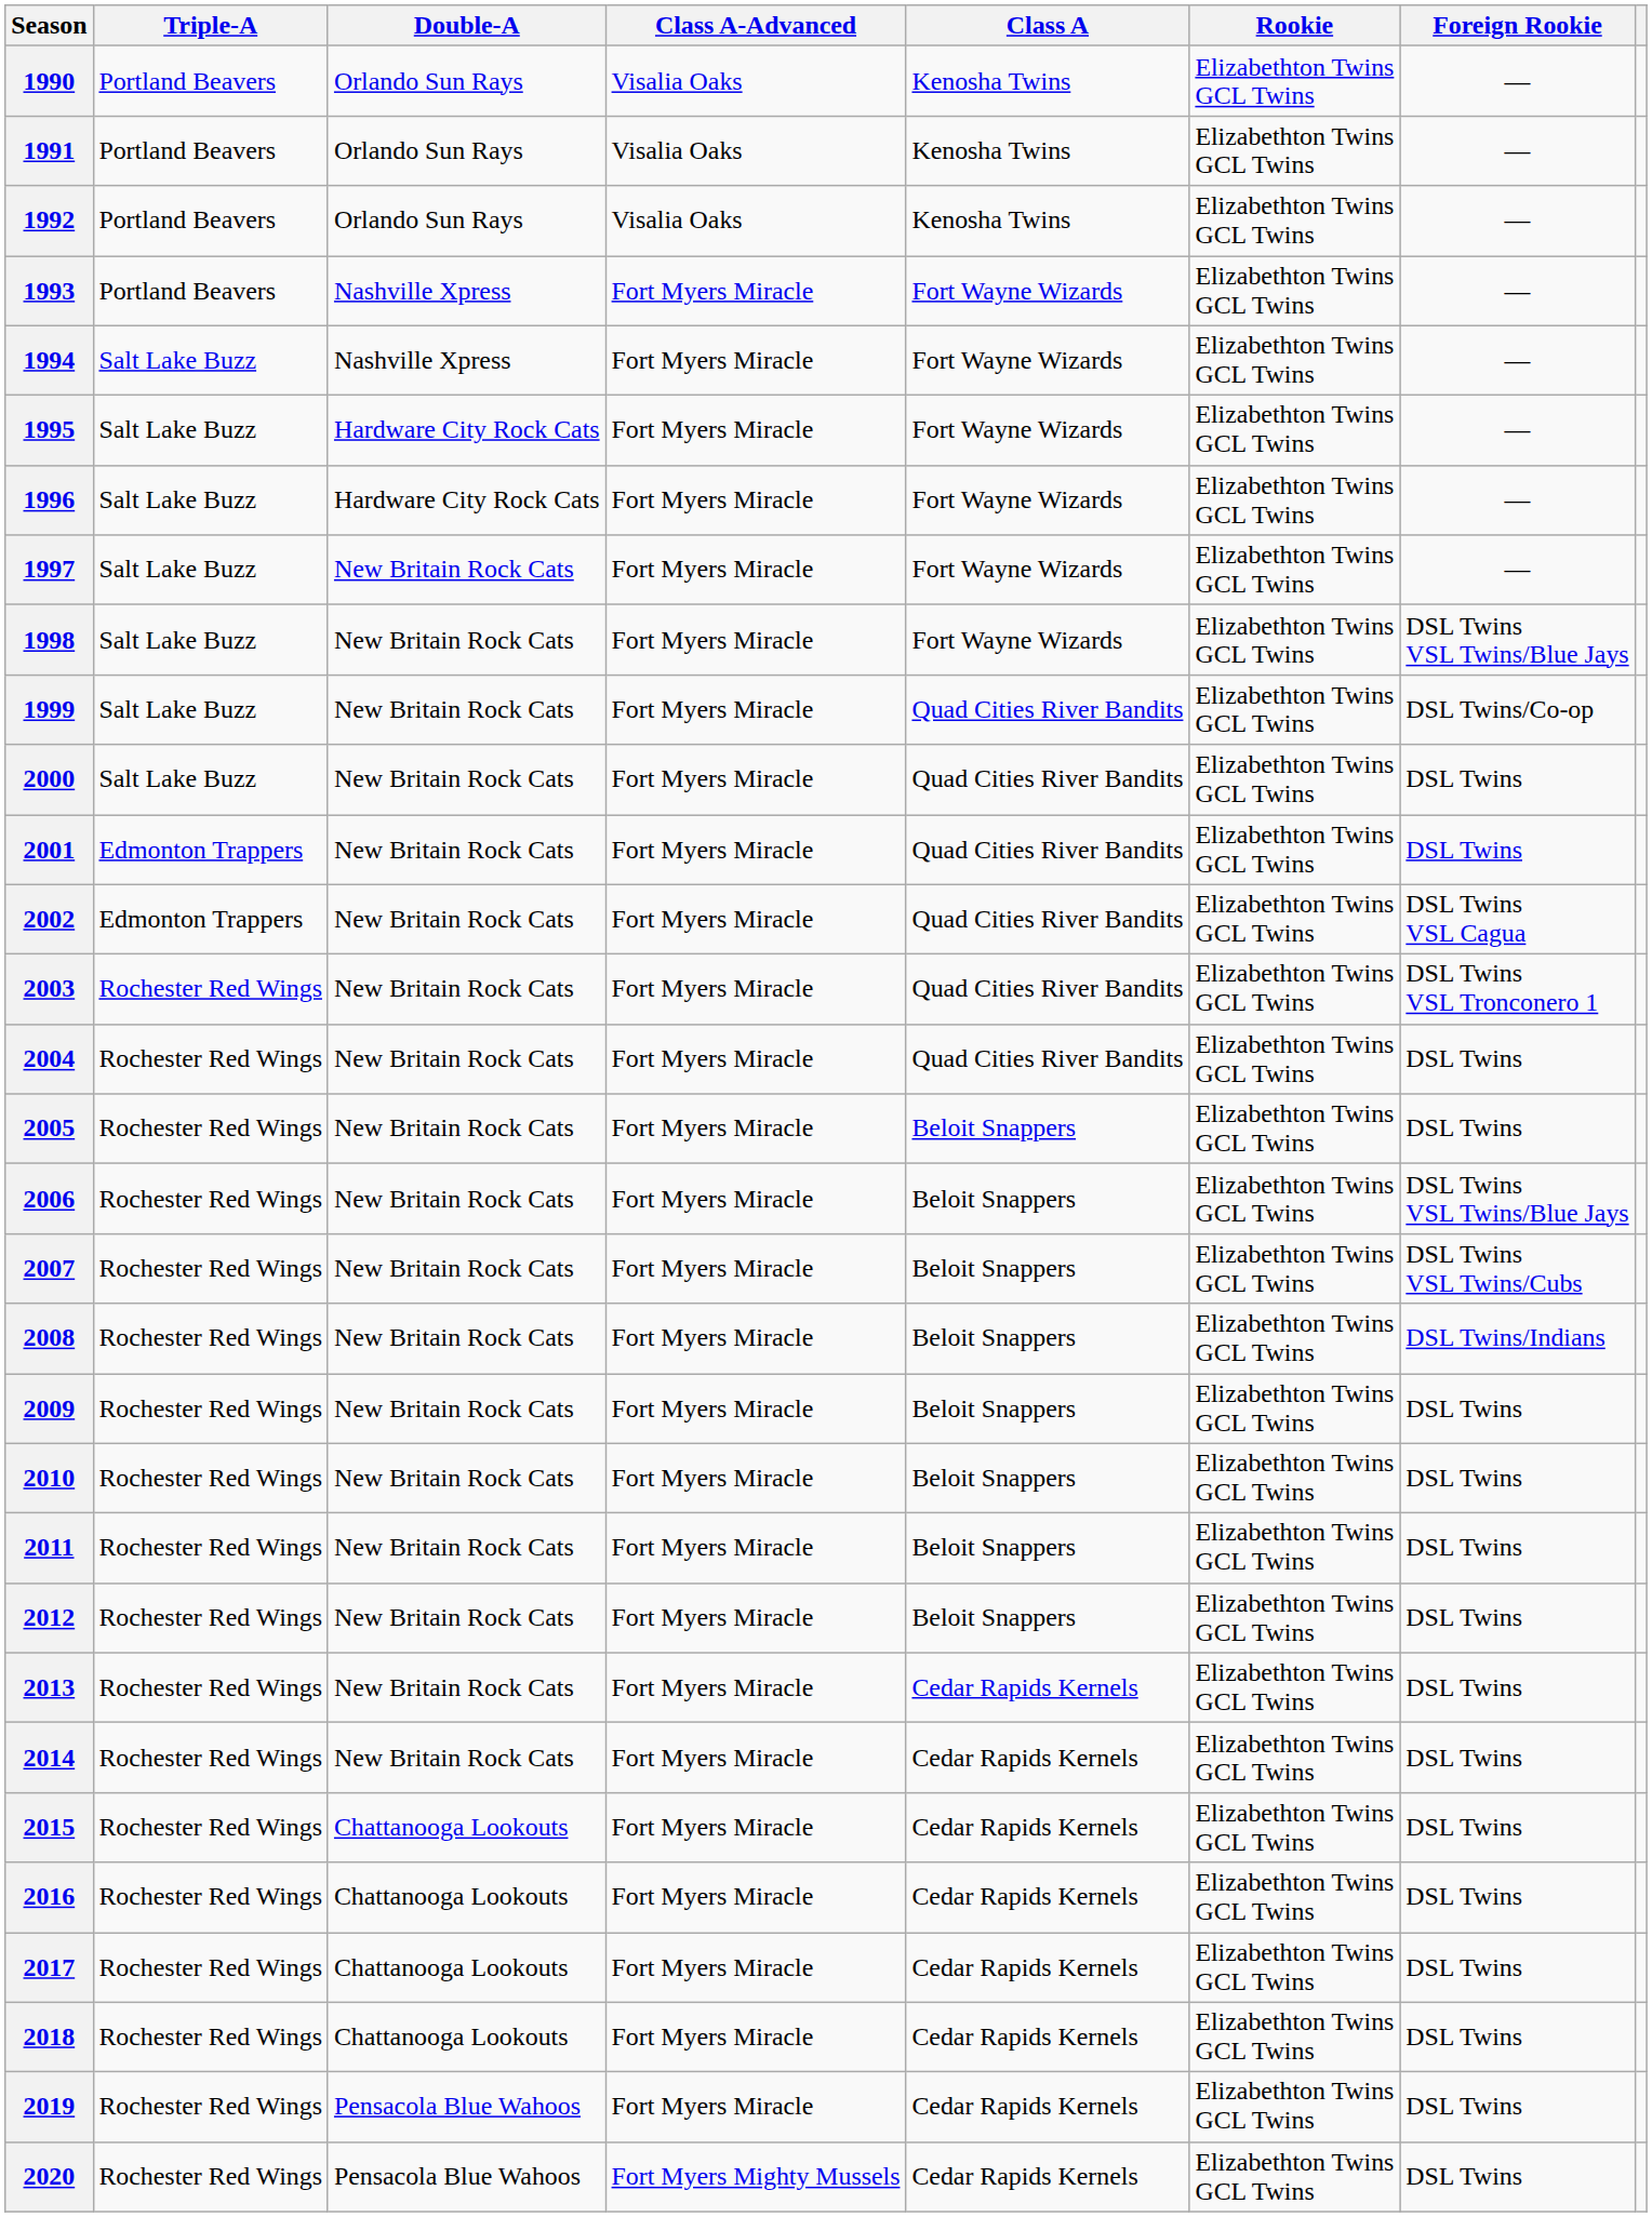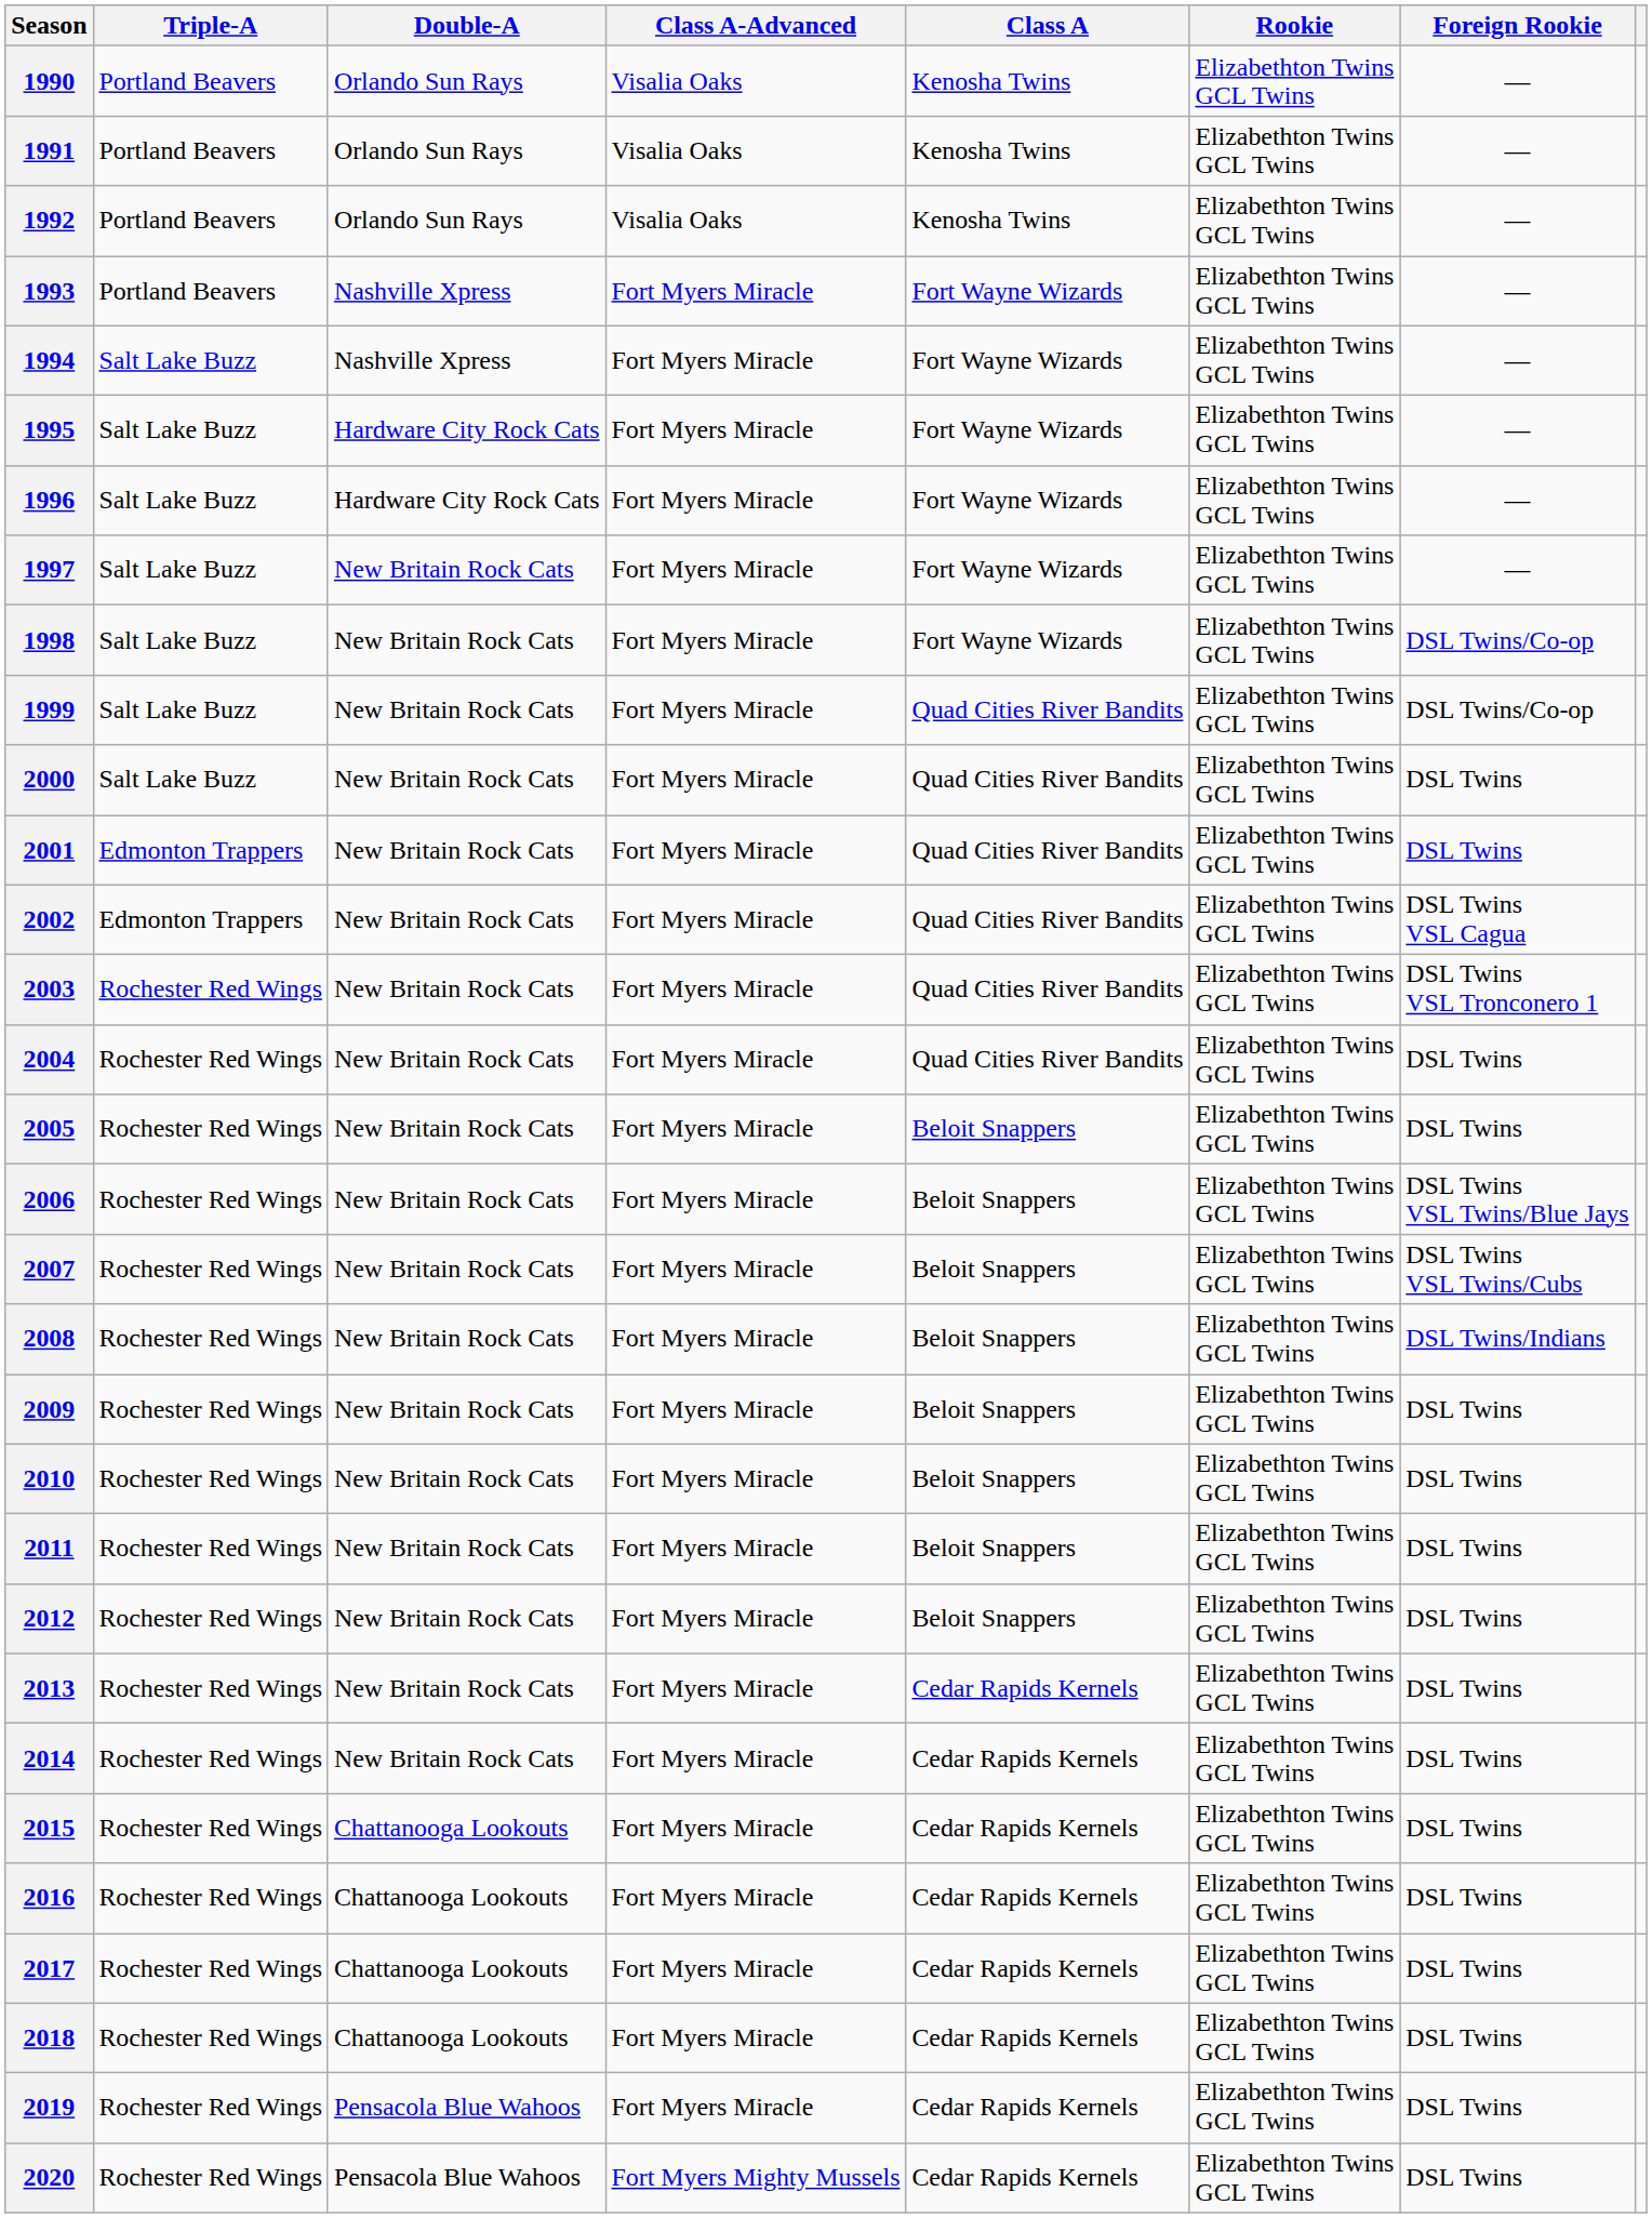 <table class="wikitable plainrowheaders">
 <tr>
 <th scope="col">Season</th>
 <th scope="col"><a href='#'><span>Triple-A</span></a></th>
 <th scope="col"><a href='#'><span>Double-A</span></a></th>
 <th scope="col"><a href='#'><span>Class A-Advanced</span></a></th>
 <th scope="col"><a href='#'><span>Class A</span></a></th>
 <th scope="col"><a href='#'><span>Rookie</span></a></th>
 <th scope="col"><a href='#'><span>Foreign Rookie</span></a></th>
 <th scope="col"></th>
 </tr>
 <tr>
 <th scope="row" style="text-align:center"><a href='#'>1990</a></th>
 <td><a href='#'>Portland Beavers</a></td>
 <td><a href='#'>Orlando Sun Rays</a></td>
 <td><a href='#'>Visalia Oaks</a></td>
 <td><a href='#'>Kenosha Twins</a></td>
 <td><a href='#'>Elizabethton Twins</a><br><a href='#'>GCL Twins</a></td>
 <td align="center">—</td>
 <td align="center"></td>
 </tr>
 <tr>
 <th scope="row" style="text-align:center"><a href='#'>1991</a></th>
 <td>Portland Beavers</td>
 <td>Orlando Sun Rays</td>
 <td>Visalia Oaks</td>
 <td>Kenosha Twins</td>
 <td>Elizabethton Twins<br>GCL Twins</td>
 <td align="center">—</td>
 <td align="center"></td>
 </tr>
 <tr>
 <th scope="row" style="text-align:center"><a href='#'>1992</a></th>
 <td>Portland Beavers</td>
 <td>Orlando Sun Rays</td>
 <td>Visalia Oaks</td>
 <td>Kenosha Twins</td>
 <td>Elizabethton Twins<br>GCL Twins</td>
 <td align="center">—</td>
 <td align="center"></td>
 </tr>
 <tr>
 <th scope="row" style="text-align:center"><a href='#'>1993</a></th>
 <td>Portland Beavers</td>
 <td><a href='#'>Nashville Xpress</a></td>
 <td><a href='#'>Fort Myers Miracle</a></td>
 <td><a href='#'>Fort Wayne Wizards</a></td>
 <td>Elizabethton Twins<br>GCL Twins</td>
 <td align="center">—</td>
 <td align="center"></td>
 </tr>
 <tr>
 <th scope="row" style="text-align:center"><a href='#'>1994</a></th>
 <td><a href='#'>Salt Lake Buzz</a></td>
 <td>Nashville Xpress</td>
 <td>Fort Myers Miracle</td>
 <td>Fort Wayne Wizards</td>
 <td>Elizabethton Twins<br>GCL Twins</td>
 <td align="center">—</td>
 <td align="center"></td>
 </tr>
 <tr>
 <th scope="row" style="text-align:center"><a href='#'>1995</a></th>
 <td>Salt Lake Buzz</td>
 <td><a href='#'>Hardware City Rock Cats</a></td>
 <td>Fort Myers Miracle</td>
 <td>Fort Wayne Wizards</td>
 <td>Elizabethton Twins<br>GCL Twins</td>
 <td align="center">—</td>
 <td align="center"></td>
 </tr>
 <tr>
 <th scope="row" style="text-align:center"><a href='#'>1996</a></th>
 <td>Salt Lake Buzz</td>
 <td>Hardware City Rock Cats</td>
 <td>Fort Myers Miracle</td>
 <td>Fort Wayne Wizards</td>
 <td>Elizabethton Twins<br>GCL Twins</td>
 <td align="center">—</td>
 <td align="center"></td>
 </tr>
 <tr>
 <th scope="row" style="text-align:center"><a href='#'>1997</a></th>
 <td>Salt Lake Buzz</td>
 <td><a href='#'>New Britain Rock Cats</a></td>
 <td>Fort Myers Miracle</td>
 <td>Fort Wayne Wizards</td>
 <td>Elizabethton Twins<br>GCL Twins</td>
 <td align="center">—</td>
 <td align="center"></td>
 </tr>
 <tr>
 <th scope="row" style="text-align:center"><a href='#'>1998</a></th>
 <td>Salt Lake Buzz</td>
 <td>New Britain Rock Cats</td>
 <td>Fort Myers Miracle</td>
 <td>Fort Wayne Wizards</td>
 <td>Elizabethton Twins<br>GCL Twins</td>
-<td>DSL Twins<br><a href='#'>VSL Twins/Blue Jays</a></td>
+<td><a href='#'>DSL Twins/Co-op</a></td>
 <td align="center"></td>
 </tr>
 <tr>
 <th scope="row" style="text-align:center"><a href='#'>1999</a></th>
 <td>Salt Lake Buzz</td>
 <td>New Britain Rock Cats</td>
 <td>Fort Myers Miracle</td>
 <td><a href='#'>Quad Cities River Bandits</a></td>
 <td>Elizabethton Twins<br>GCL Twins</td>
 <td>DSL Twins/Co-op</td>
 <td align="center"></td>
 </tr>
 <tr>
 <th scope="row" style="text-align:center"><a href='#'>2000</a></th>
 <td>Salt Lake Buzz</td>
 <td>New Britain Rock Cats</td>
 <td>Fort Myers Miracle</td>
 <td>Quad Cities River Bandits</td>
 <td>Elizabethton Twins<br>GCL Twins</td>
 <td>DSL Twins</td>
 <td align="center"></td>
 </tr>
 <tr>
 <th scope="row" style="text-align:center"><a href='#'>2001</a></th>
 <td><a href='#'>Edmonton Trappers</a></td>
 <td>New Britain Rock Cats</td>
 <td>Fort Myers Miracle</td>
 <td>Quad Cities River Bandits</td>
 <td>Elizabethton Twins<br>GCL Twins</td>
 <td><a href='#'>DSL Twins</a></td>
 <td align="center"></td>
 </tr>
 <tr>
 <th scope="row" style="text-align:center"><a href='#'>2002</a></th>
 <td>Edmonton Trappers</td>
 <td>New Britain Rock Cats</td>
 <td>Fort Myers Miracle</td>
 <td>Quad Cities River Bandits</td>
 <td>Elizabethton Twins<br>GCL Twins</td>
 <td>DSL Twins<br><a href='#'>VSL Cagua</a></td>
 <td align="center"></td>
 </tr>
 <tr>
 <th scope="row" style="text-align:center"><a href='#'>2003</a></th>
 <td><a href='#'>Rochester Red Wings</a></td>
 <td>New Britain Rock Cats</td>
 <td>Fort Myers Miracle</td>
 <td>Quad Cities River Bandits</td>
 <td>Elizabethton Twins<br>GCL Twins</td>
 <td>DSL Twins<br><a href='#'>VSL Tronconero 1</a></td>
 <td align="center"></td>
 </tr>
 <tr>
 <th scope="row" style="text-align:center"><a href='#'>2004</a></th>
 <td>Rochester Red Wings</td>
 <td>New Britain Rock Cats</td>
 <td>Fort Myers Miracle</td>
 <td>Quad Cities River Bandits</td>
 <td>Elizabethton Twins<br>GCL Twins</td>
 <td>DSL Twins</td>
 <td align="center"></td>
 </tr>
 <tr>
 <th scope="row" style="text-align:center"><a href='#'>2005</a></th>
 <td>Rochester Red Wings</td>
 <td>New Britain Rock Cats</td>
 <td>Fort Myers Miracle</td>
 <td><a href='#'>Beloit Snappers</a></td>
 <td>Elizabethton Twins<br>GCL Twins</td>
 <td>DSL Twins</td>
 <td align="center"></td>
 </tr>
 <tr>
 <th scope="row" style="text-align:center"><a href='#'>2006</a></th>
 <td>Rochester Red Wings</td>
 <td>New Britain Rock Cats</td>
 <td>Fort Myers Miracle</td>
 <td>Beloit Snappers</td>
 <td>Elizabethton Twins<br>GCL Twins</td>
 <td>DSL Twins<br><a href='#'>VSL Twins/Blue Jays</a></td>
 <td align="center"></td>
 </tr>
 <tr>
 <th scope="row" style="text-align:center"><a href='#'>2007</a></th>
 <td>Rochester Red Wings</td>
 <td>New Britain Rock Cats</td>
 <td>Fort Myers Miracle</td>
 <td>Beloit Snappers</td>
 <td>Elizabethton Twins<br>GCL Twins</td>
 <td>DSL Twins<br><a href='#'>VSL Twins/Cubs</a></td>
 <td align="center"></td>
 </tr>
 <tr>
 <th scope="row" style="text-align:center"><a href='#'>2008</a></th>
 <td>Rochester Red Wings</td>
 <td>New Britain Rock Cats</td>
 <td>Fort Myers Miracle</td>
 <td>Beloit Snappers</td>
 <td>Elizabethton Twins<br>GCL Twins</td>
 <td><a href='#'>DSL Twins/Indians</a></td>
 <td align="center"></td>
 </tr>
 <tr>
 <th scope="row" style="text-align:center"><a href='#'>2009</a></th>
 <td>Rochester Red Wings</td>
 <td>New Britain Rock Cats</td>
 <td>Fort Myers Miracle</td>
 <td>Beloit Snappers</td>
 <td>Elizabethton Twins<br>GCL Twins</td>
 <td>DSL Twins</td>
 <td align="center"></td>
 </tr>
 <tr>
 <th scope="row" style="text-align:center"><a href='#'>2010</a></th>
 <td>Rochester Red Wings</td>
 <td>New Britain Rock Cats</td>
 <td>Fort Myers Miracle</td>
 <td>Beloit Snappers</td>
 <td>Elizabethton Twins<br>GCL Twins</td>
 <td>DSL Twins</td>
 <td align="center"></td>
 </tr>
 <tr>
 <th scope="row" style="text-align:center"><a href='#'>2011</a></th>
 <td>Rochester Red Wings</td>
 <td>New Britain Rock Cats</td>
 <td>Fort Myers Miracle</td>
 <td>Beloit Snappers</td>
 <td>Elizabethton Twins<br>GCL Twins</td>
 <td>DSL Twins</td>
 <td align="center"></td>
 </tr>
 <tr>
 <th scope="row" style="text-align:center"><a href='#'>2012</a></th>
 <td>Rochester Red Wings</td>
 <td>New Britain Rock Cats</td>
 <td>Fort Myers Miracle</td>
 <td>Beloit Snappers</td>
 <td>Elizabethton Twins<br>GCL Twins</td>
 <td>DSL Twins</td>
 <td align="center"></td>
 </tr>
 <tr>
 <th scope="row" style="text-align:center"><a href='#'>2013</a></th>
 <td>Rochester Red Wings</td>
 <td>New Britain Rock Cats</td>
 <td>Fort Myers Miracle</td>
 <td><a href='#'>Cedar Rapids Kernels</a></td>
 <td>Elizabethton Twins<br>GCL Twins</td>
 <td>DSL Twins</td>
 <td align="center"></td>
 </tr>
 <tr>
 <th scope="row" style="text-align:center"><a href='#'>2014</a></th>
 <td>Rochester Red Wings</td>
 <td>New Britain Rock Cats</td>
 <td>Fort Myers Miracle</td>
 <td>Cedar Rapids Kernels</td>
 <td>Elizabethton Twins<br>GCL Twins</td>
 <td>DSL Twins</td>
 <td align="center"></td>
 </tr>
 <tr>
 <th scope="row" style="text-align:center"><a href='#'>2015</a></th>
 <td>Rochester Red Wings</td>
 <td><a href='#'>Chattanooga Lookouts</a></td>
 <td>Fort Myers Miracle</td>
 <td>Cedar Rapids Kernels</td>
 <td>Elizabethton Twins<br>GCL Twins</td>
 <td>DSL Twins</td>
 <td align="center"></td>
 </tr>
 <tr>
 <th scope="row" style="text-align:center"><a href='#'>2016</a></th>
 <td>Rochester Red Wings</td>
 <td>Chattanooga Lookouts</td>
 <td>Fort Myers Miracle</td>
 <td>Cedar Rapids Kernels</td>
 <td>Elizabethton Twins<br>GCL Twins</td>
 <td>DSL Twins</td>
 <td align="center"></td>
 </tr>
 <tr>
 <th scope="row" style="text-align:center"><a href='#'>2017</a></th>
 <td>Rochester Red Wings</td>
 <td>Chattanooga Lookouts</td>
 <td>Fort Myers Miracle</td>
 <td>Cedar Rapids Kernels</td>
 <td>Elizabethton Twins<br>GCL Twins</td>
 <td>DSL Twins</td>
 <td align="center"></td>
 </tr>
 <tr>
 <th scope="row" style="text-align:center"><a href='#'>2018</a></th>
 <td>Rochester Red Wings</td>
 <td>Chattanooga Lookouts</td>
 <td>Fort Myers Miracle</td>
 <td>Cedar Rapids Kernels</td>
 <td>Elizabethton Twins<br>GCL Twins</td>
 <td>DSL Twins</td>
 <td align="center"></td>
 </tr>
 <tr>
 <th scope="row" style="text-align:center"><a href='#'>2019</a></th>
 <td>Rochester Red Wings</td>
 <td><a href='#'>Pensacola Blue Wahoos</a></td>
 <td>Fort Myers Miracle</td>
 <td>Cedar Rapids Kernels</td>
 <td>Elizabethton Twins<br>GCL Twins</td>
 <td>DSL Twins</td>
 <td align="center"></td>
 </tr>
 <tr>
 <th scope="row" style="text-align:center"><a href='#'>2020</a></th>
 <td>Rochester Red Wings</td>
 <td>Pensacola Blue Wahoos</td>
 <td><a href='#'>Fort Myers Mighty Mussels</a></td>
 <td>Cedar Rapids Kernels</td>
 <td>Elizabethton Twins<br>GCL Twins</td>
 <td>DSL Twins</td>
 <td align="center"></td>
 </tr>
 </table>
